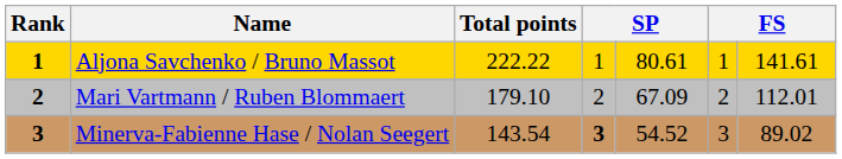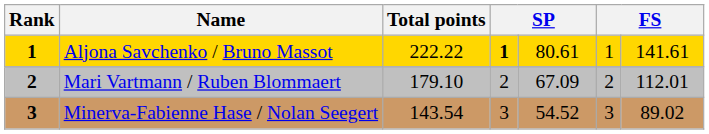 <table class="wikitable sortable">
 <tr>
 <th>Rank</th>
 <th>Name</th>
 <th>Total points</th>
 <th colspan="2" width="80px"><a href='#'>SP</a></th>
 <th colspan="2" width="80px"><a href='#'>FS</a></th>
 </tr>
 <tr bgcolor="gold">
 <td align="center"><strong>1</strong></td>
 <td><a href='#'>Aljona Savchenko</a> / <a href='#'>Bruno Massot</a></td>
 <td align="center">222.22</td>
-<td align="center">1</td>
+<td align="center"><strong>1</strong></td>
 <td align="center">80.61</td>
 <td align="center">1</td>
 <td align="center">141.61</td>
 </tr>
 <tr bgcolor="silver">
 <td align="center"><strong>2</strong></td>
 <td><a href='#'>Mari Vartmann</a> / <a href='#'>Ruben Blommaert</a></td>
 <td align="center">179.10</td>
 <td align="center">2</td>
 <td align="center">67.09</td>
 <td align="center">2</td>
 <td align="center">112.01</td>
 </tr>
 <tr bgcolor="cc9966">
 <td align="center"><strong>3</strong></td>
 <td><a href='#'>Minerva-Fabienne Hase</a> / <a href='#'>Nolan Seegert</a></td>
 <td align="center">143.54</td>
-<td align="center"><strong>3</strong></td>
+<td align="center">3</td>
 <td align="center">54.52</td>
 <td align="center">3</td>
 <td align="center">89.02</td>
 </tr>
 </table>
